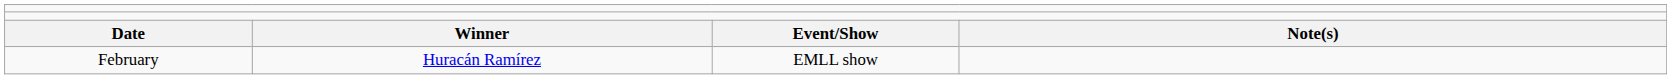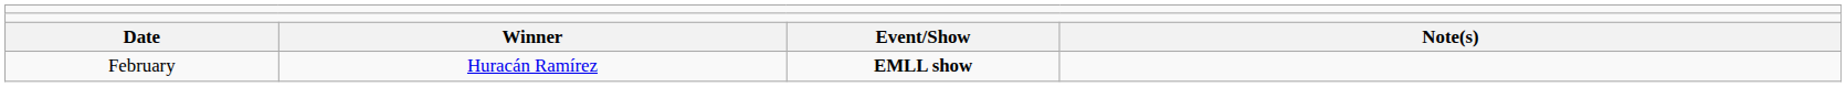 <table class="wikitable" style="text-align:center; width:100%;">
 <tr>
 <td colspan=5></td>
 </tr>
 <tr>
 <td colspan=5><strong></strong></td>
 </tr>
 <tr>
 <th width=14%>Date</th>
 <th width=26%>Winner</th>
 <th width=14%>Event/Show</th>
 <th width=40%>Note(s)</th>
 </tr>
 <tr>
 <td>February</td>
 <td><a href='#'>Huracán Ramírez</a></td>
-<td>EMLL show</td>
+<td><strong>EMLL show</strong></td>
 <td align=left></td>
 </tr>
 </table>
